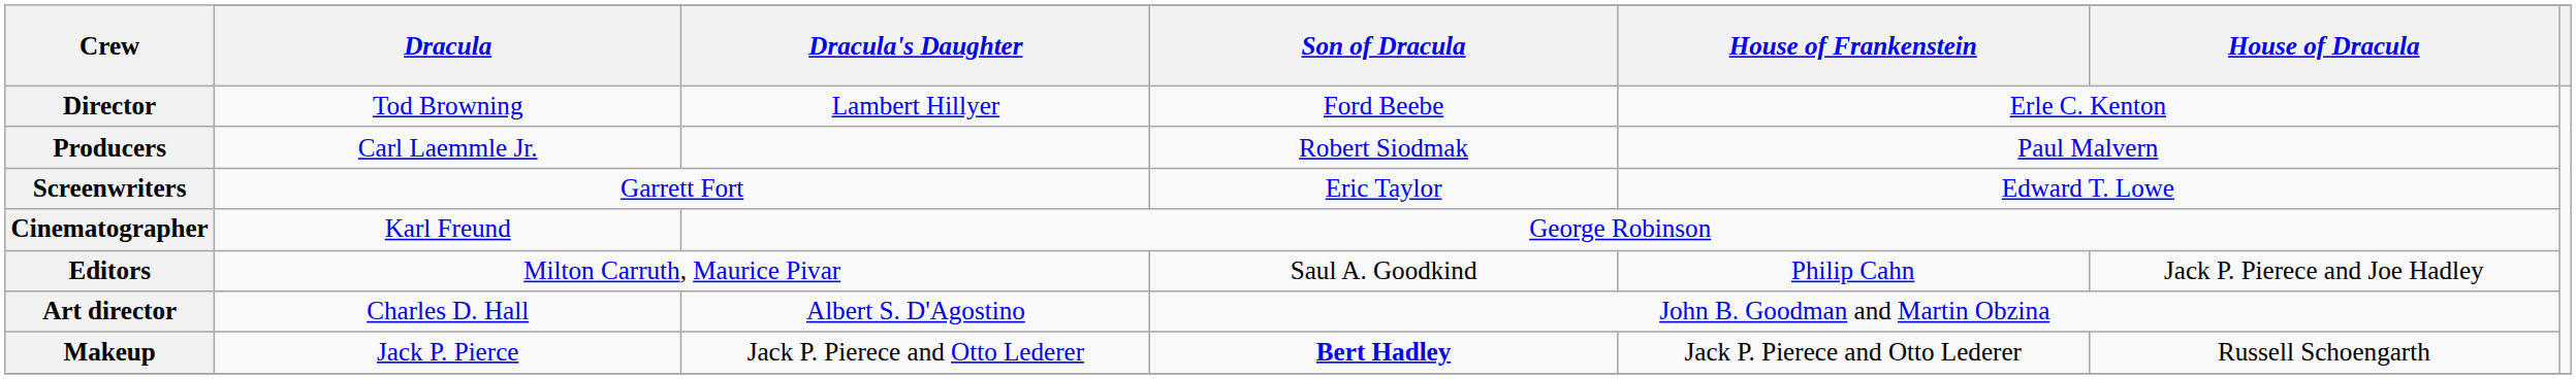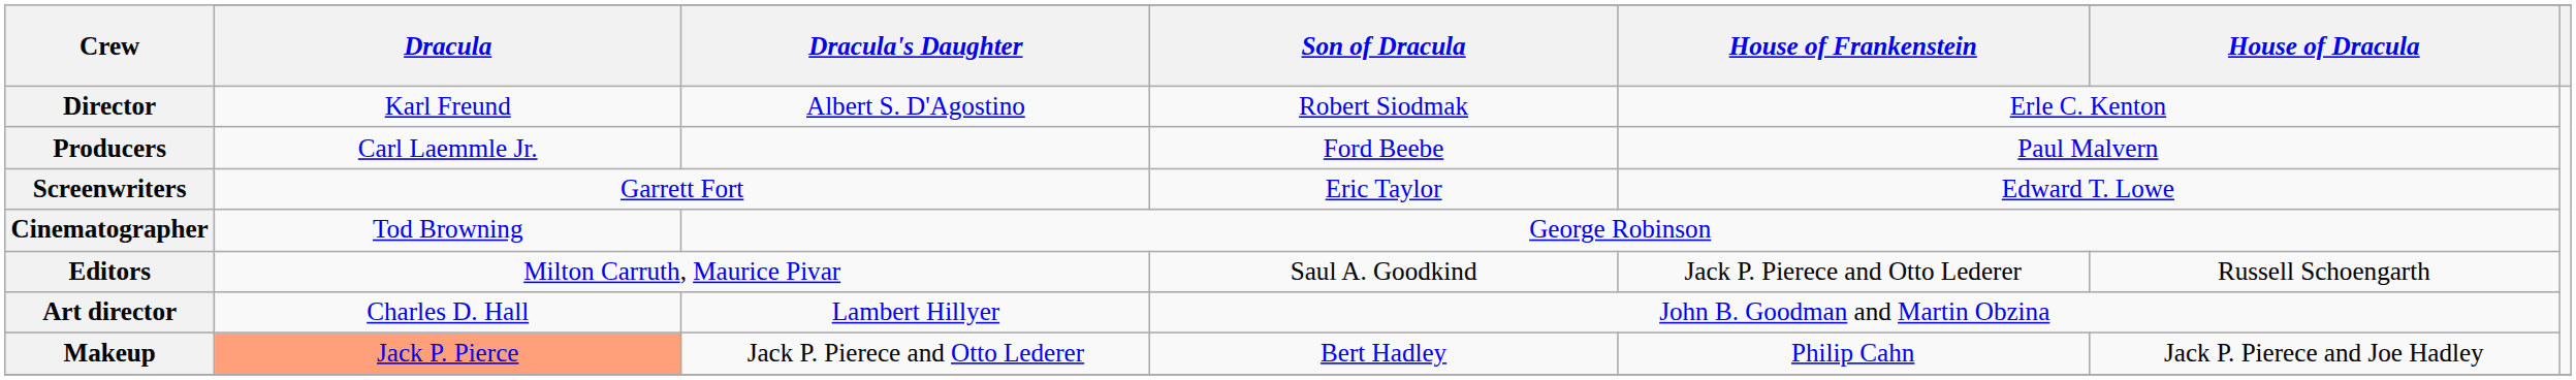 <table class="wikitable" style="text-align: center; clear: both; width:100%; display: inline-table; vertical-align:top;">
 <tr>
 <th rowspan="2">Crew</th>
 </tr>
 <tr style="height: 50px;">
 <th style="width:20%;"><em><a href='#'>Dracula</a></em></th>
 <th style="width:20%;"><em><a href='#'>Dracula's Daughter</a></em></th>
 <th style="width:20%;"><em><a href='#'>Son of Dracula</a></em></th>
 <th style="width:20%;"><em><a href='#'>House of Frankenstein</a></em></th>
 <th style="width:20%;"><em><a href='#'>House of Dracula</a></em></th>
 <th></th>
 </tr>
 <tr>
 <th>Director</th>
-<td><a href='#'>Tod Browning</a></td>
-<td><a href='#'>Lambert Hillyer</a></td>
-<td><a href='#'>Ford Beebe</a></td>
+<td><a href='#'>Karl Freund</a></td>
+<td><a href='#'>Albert S. D'Agostino</a></td>
+<td><a href='#'>Robert Siodmak</a></td>
 <td colspan="2"><a href='#'>Erle C. Kenton</a></td>
 <td rowspan="7"></td>
 </tr>
 <tr>
 <th>Producers</th>
 <td><a href='#'>Carl Laemmle Jr.</a></td>
 <td></td>
-<td><a href='#'>Robert Siodmak</a></td>
+<td><a href='#'>Ford Beebe</a></td>
 <td colspan="2"><a href='#'>Paul Malvern</a></td>
 </tr>
 <tr>
 <th>Screenwriters</th>
 <td colspan="2"><a href='#'>Garrett Fort</a></td>
 <td><a href='#'>Eric Taylor</a></td>
 <td colspan="2"><a href='#'>Edward T. Lowe</a></td>
 </tr>
 <tr>
 <th>Cinematographer</th>
-<td><a href='#'>Karl Freund</a></td>
+<td><a href='#'>Tod Browning</a></td>
 <td colspan="4"><a href='#'>George Robinson</a></td>
 </tr>
 <tr>
 <th>Editors</th>
 <td colspan="2"><a href='#'>Milton Carruth</a>, <a href='#'>Maurice Pivar</a></td>
 <td>Saul A. Goodkind</td>
+<td>Jack P. Pierece and Otto Lederer</td>
+<td>Russell Schoengarth</td>
+</tr>
+<tr>
+<th>Art director</th>
+<td><a href='#'>Charles D. Hall</a></td>
+<td><a href='#'>Lambert Hillyer</a></td>
+<td colspan="3"><a href='#'>John B. Goodman</a> and <a href='#'>Martin Obzina</a></td>
+</tr>
+<tr>
+<th>Makeup</th>
+<td style="background: lightsalmon;"><a href='#'>Jack P. Pierce</a></td>
+<td>Jack P. Pierece and <a href='#'>Otto Lederer</a></td>
+<td><a href='#'>Bert Hadley</a></td>
 <td><a href='#'>Philip Cahn</a></td>
 <td>Jack P. Pierece and Joe Hadley</td>
 </tr>
 <tr>
-<th>Art director</th>
-<td><a href='#'>Charles D. Hall</a></td>
-<td><a href='#'>Albert S. D'Agostino</a></td>
-<td colspan="3"><a href='#'>John B. Goodman</a> and <a href='#'>Martin Obzina</a></td>
-</tr>
-<tr>
-<th>Makeup</th>
-<td><a href='#'>Jack P. Pierce</a></td>
-<td>Jack P. Pierece and <a href='#'>Otto Lederer</a></td>
-<td><strong><a href='#'>Bert Hadley</a></strong></td>
-<td>Jack P. Pierece and Otto Lederer</td>
-<td>Russell Schoengarth</td>
-</tr>
-<tr>
 </tr>
 </table>
